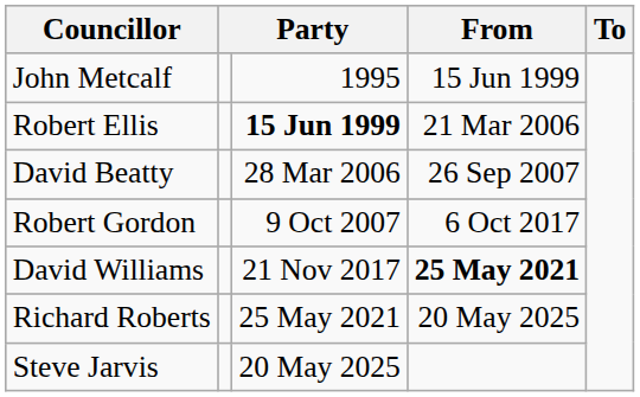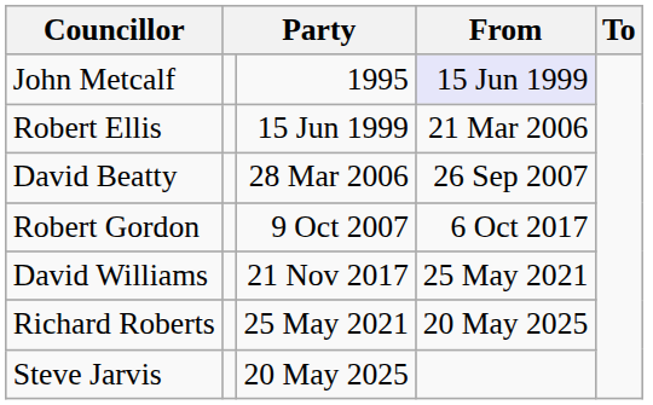 <table class=wikitable>
 <tr>
 <th>Councillor</th>
 <th colspan=2>Party</th>
 <th>From</th>
 <th>To</th>
 </tr>
 <tr>
 <td>John Metcalf</td>
 <td></td>
 <td align="right">1995</td>
-<td align="right">15 Jun 1999</td>
+<td align="right" style="background: lavender;">15 Jun 1999</td>
 </tr>
 <tr>
 <td>Robert Ellis</td>
 <td></td>
-<td align=right><strong>15 Jun 1999</strong></td>
+<td align=right>15 Jun 1999</td>
 <td align=right>21 Mar 2006</td>
 </tr>
 <tr>
 <td>David Beatty</td>
 <td></td>
 <td align=right>28 Mar 2006</td>
 <td align=right>26 Sep 2007</td>
 </tr>
 <tr>
 <td>Robert Gordon</td>
 <td></td>
 <td align=right>9 Oct 2007</td>
 <td align=right>6 Oct 2017</td>
 </tr>
 <tr>
 <td>David Williams</td>
 <td></td>
 <td align=right>21 Nov 2017</td>
-<td align=right><strong>25 May 2021</strong></td>
+<td align=right>25 May 2021</td>
 </tr>
 <tr>
 <td>Richard Roberts</td>
 <td></td>
 <td align=right>25 May 2021</td>
 <td align=right>20 May 2025</td>
 </tr>
 <tr>
 <td>Steve Jarvis</td>
 <td></td>
 <td align=right>20 May 2025</td>
 <td></td>
 </tr>
 </table>
